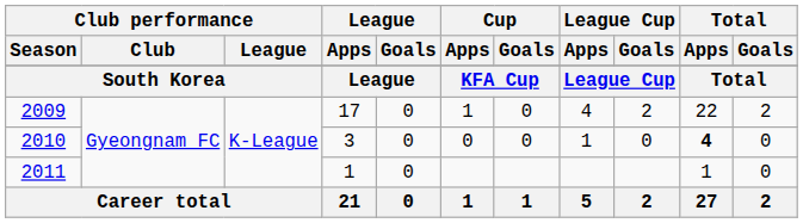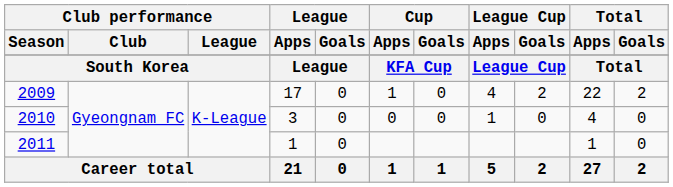 <table class="wikitable" style="text-align:center">
 <tr>
 <th colspan=3>Club performance</th>
 <th colspan=2>League</th>
 <th colspan=2>Cup</th>
 <th colspan=2>League Cup</th>
 <th colspan=2>Total</th>
 </tr>
 <tr>
 <th>Season</th>
 <th>Club</th>
 <th>League</th>
 <th>Apps</th>
 <th>Goals</th>
 <th>Apps</th>
 <th>Goals</th>
 <th>Apps</th>
 <th>Goals</th>
 <th>Apps</th>
 <th>Goals</th>
 </tr>
 <tr>
 </tr>
 <tr>
 <th colspan=3>South Korea</th>
 <th colspan=2>League</th>
 <th colspan=2><a href='#'>KFA Cup</a></th>
 <th colspan=2><a href='#'>League Cup</a></th>
 <th colspan=2>Total</th>
 </tr>
 <tr>
 <td><a href='#'>2009</a></td>
 <td rowspan="3"><a href='#'>Gyeongnam FC</a></td>
 <td rowspan="3"><a href='#'>K-League</a></td>
 <td>17</td>
 <td>0</td>
 <td>1</td>
 <td>0</td>
 <td>4</td>
 <td>2</td>
 <td>22</td>
 <td>2</td>
 </tr>
 <tr>
 <td><a href='#'>2010</a></td>
 <td>3</td>
 <td>0</td>
 <td>0</td>
 <td>0</td>
 <td>1</td>
 <td>0</td>
-<td><strong>4</strong></td>
+<td>4</td>
 <td>0</td>
 </tr>
 <tr>
 <td><a href='#'>2011</a></td>
 <td>1</td>
 <td>0</td>
 <td></td>
 <td></td>
 <td></td>
 <td></td>
 <td>1</td>
 <td>0</td>
 </tr>
 <tr>
 <th colspan=3>Career total</th>
 <th>21</th>
 <th>0</th>
 <th>1</th>
 <th>1</th>
 <th>5</th>
 <th>2</th>
 <th>27</th>
 <th>2</th>
 </tr>
 </table>
